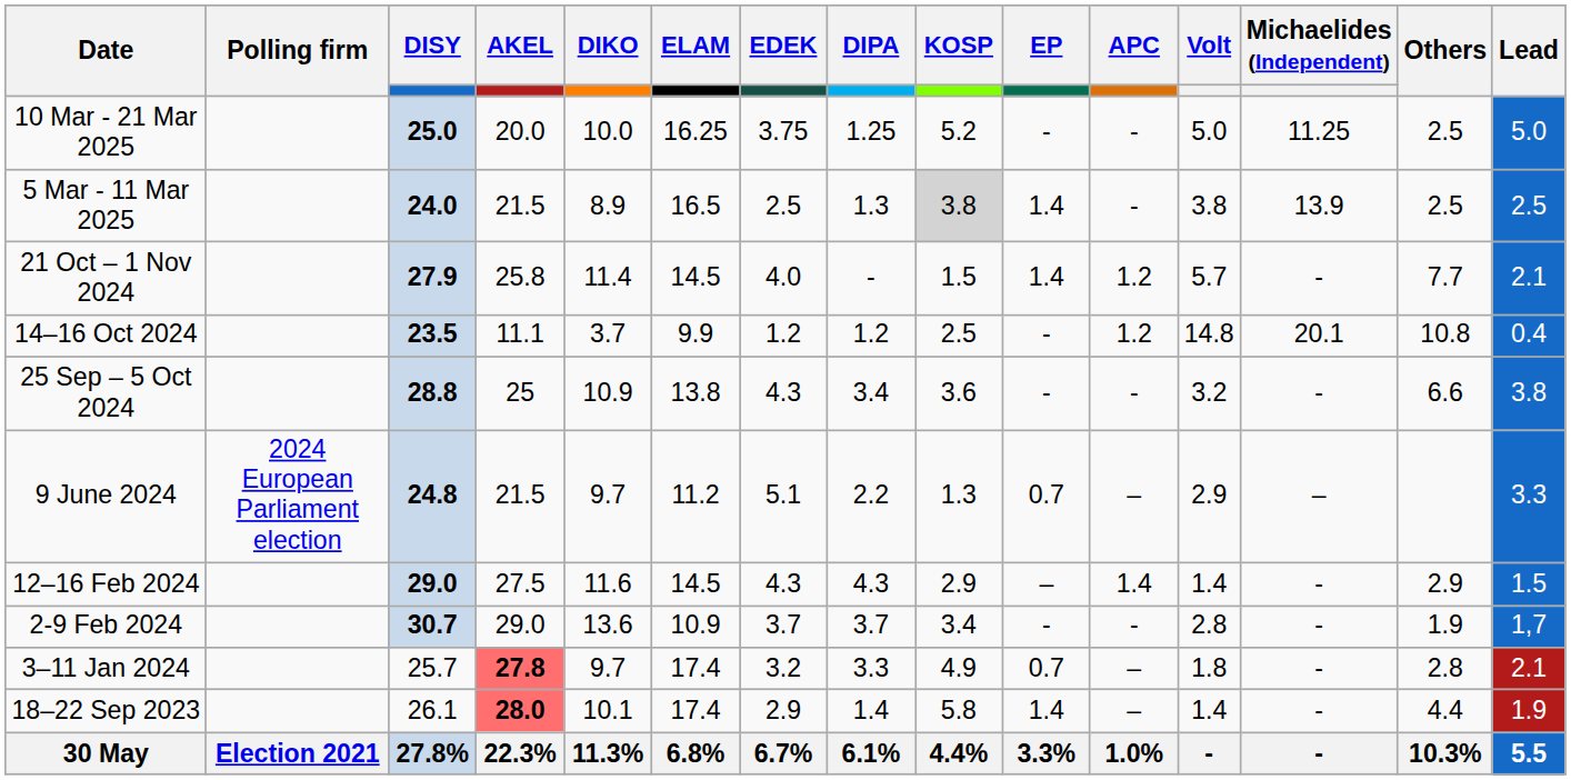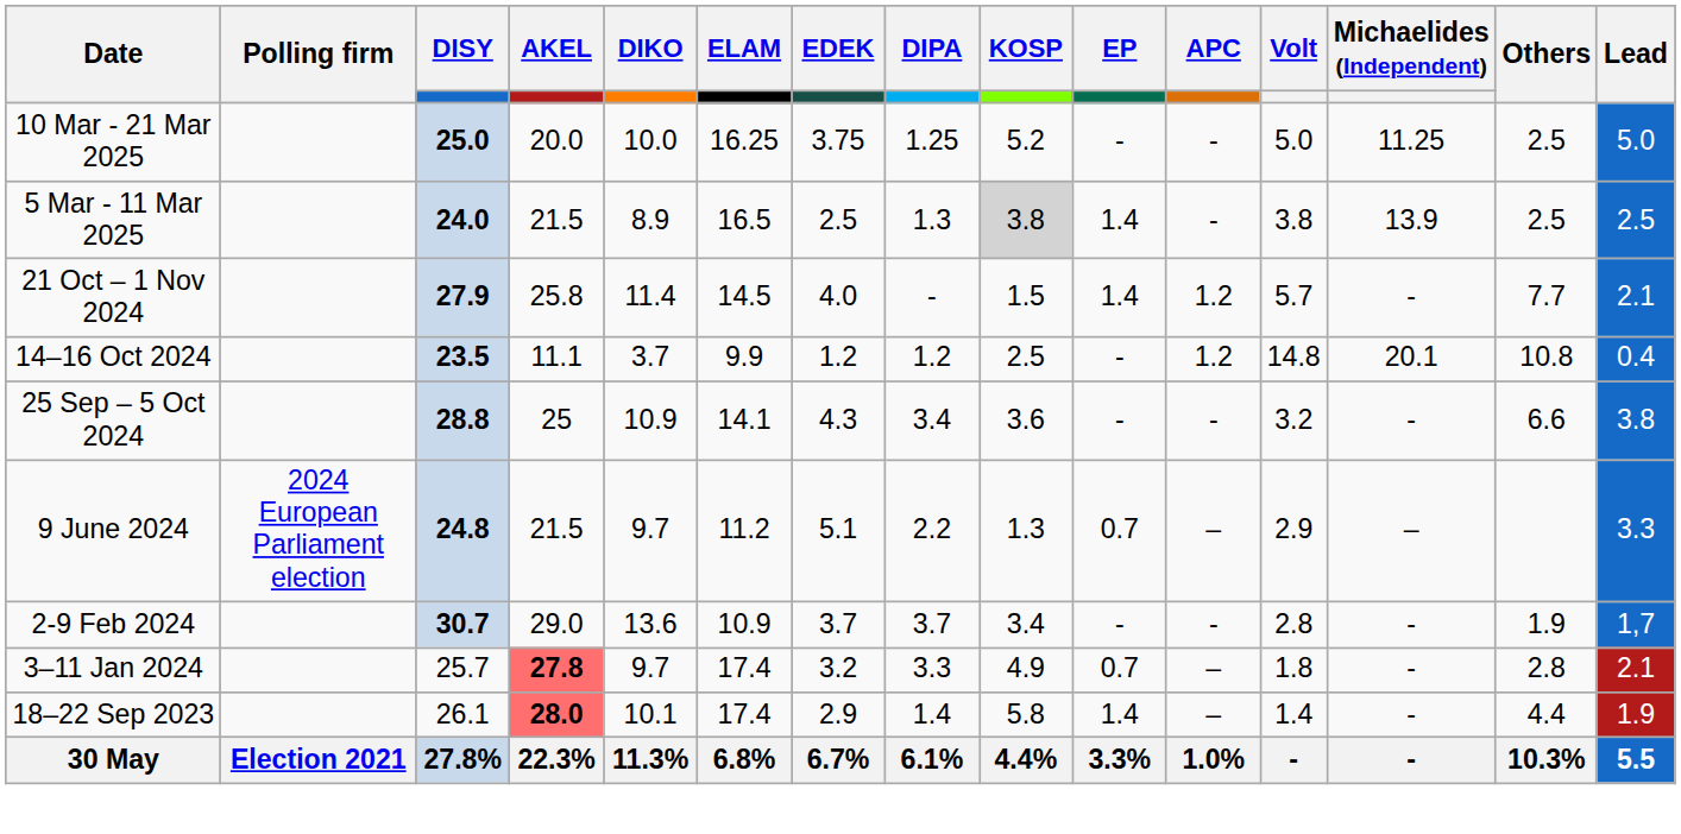 <table class="wikitable" style="text-align:center; font-size:85%; line-height:16px; margin-bottom:0">
 <tr style="height:42px; background:#e9e9e9;">
 <th style="width:100px;" rowspan="2">Date</th>
 <th style="width:90px;" rowspan="2">Polling firm</th>
 <th style="font-size:95%"><a href='#'>DISY</a></th>
 <th style="font-size:95%"><a href='#'>AKEL</a></th>
 <th style="font-size:95%"><a href='#'>DIKO</a></th>
 <th style="font-size:95%"><a href='#'>ELAM</a></th>
 <th style="font-size:95%"><a href='#'>EDEK</a></th>
 <th style="font-size:95%"><a href='#'>DIPA</a></th>
 <th style="font-size:95%"><a href='#'>KOSP</a></th>
 <th style="font-size:95%"><a href='#'>EP</a></th>
 <th style="font-size:95%"><a href='#'>APC</a></th>
 <th style="font-size:95%"><a href='#'>Volt</a></th>
 <th>Michaelides<br><small>(<a href='#'>Independent</a>)</small></th>
 <th rowspan="2" style="width:40px;">Others</th>
 <th style="width:30px;" rowspan="2">Lead</th>
 </tr>
 <tr>
 <th style="background:#1569C7; width:40px;"></th>
 <th style="background:#B31B1B; width:40px;"></th>
 <th style="background:#FF7E00; width:40px;"></th>
 <th style="background:#000000; width:40px;"></th>
 <th style="background:#164F46; width:40px;"></th>
 <th style="background:#00AEEF; width:40px;"></th>
 <th style="background:#7FFF00; width:40px;"></th>
 <th style="background:#056E50; width:40px;"></th>
 <th style="background:#db7008; width:40px;"></th>
 <th style="background:"></th>
 <th style="background:"></th>
 </tr>
 <tr>
 <td>10 Mar - 21 Mar 2025</td>
 <td></td>
 <td style="background:#C8D9EC"><strong>25.0</strong></td>
 <td>20.0</td>
 <td>10.0</td>
 <td>16.25</td>
 <td>3.75</td>
 <td>1.25</td>
 <td>5.2</td>
 <td>-</td>
 <td>-</td>
 <td>5.0</td>
 <td>11.25</td>
 <td>2.5</td>
 <td style="background:#1569C7; color:white;">5.0</td>
 </tr>
 <tr>
 <td>5 Mar - 11 Mar 2025</td>
 <td></td>
 <td style="background:#C8D9EC"><strong>24.0</strong></td>
 <td>21.5</td>
 <td>8.9</td>
 <td>16.5</td>
 <td>2.5</td>
 <td>1.3</td>
 <td style="background: lightgrey;">3.8</td>
 <td>1.4</td>
 <td>-</td>
 <td>3.8</td>
 <td>13.9</td>
 <td>2.5</td>
 <td style="background:#1569C7; color:white;">2.5</td>
 </tr>
 <tr>
 <td>21 Oct – 1 Nov 2024</td>
 <td></td>
 <td style="background:#C8D9EC"><strong>27.9</strong></td>
 <td>25.8</td>
 <td>11.4</td>
 <td>14.5</td>
 <td>4.0</td>
 <td>-</td>
 <td>1.5</td>
 <td>1.4</td>
 <td>1.2</td>
 <td>5.7</td>
 <td>-</td>
 <td>7.7</td>
 <td style="background:#1569C7; color:white;">2.1</td>
 </tr>
 <tr>
 <td>14–16 Oct 2024</td>
 <td></td>
 <td style="background:#C8D9EC"><strong>23.5</strong></td>
 <td>11.1</td>
 <td>3.7</td>
 <td>9.9</td>
 <td>1.2</td>
 <td>1.2</td>
 <td>2.5</td>
 <td>-</td>
 <td>1.2</td>
 <td>14.8</td>
 <td>20.1</td>
 <td>10.8</td>
 <td style="background:#1569C7; color:white;">0.4</td>
 </tr>
 <tr>
 <td>25 Sep – 5 Oct 2024</td>
 <td></td>
 <td style="background:#C8D9EC"><strong>28.8</strong></td>
 <td>25</td>
 <td>10.9</td>
-<td>13.8</td>
+<td>14.1</td>
 <td>4.3</td>
 <td>3.4</td>
 <td>3.6</td>
 <td>-</td>
 <td>-</td>
 <td>3.2</td>
 <td>-</td>
 <td>6.6</td>
 <td style="background:#1569C7; color:white;">3.8</td>
 </tr>
 <tr>
 <td>9 June 2024</td>
 <td><a href='#'>2024 European Parliament election</a></td>
 <td style="background:#C8D9EC"><strong>24.8</strong></td>
 <td>21.5</td>
 <td>9.7</td>
 <td>11.2</td>
 <td>5.1</td>
 <td>2.2</td>
 <td>1.3</td>
 <td>0.7</td>
 <td>–</td>
 <td>2.9</td>
 <td>–</td>
 <td></td>
 <td style="background:#1569C7; color:white;">3.3</td>
-</tr>
-<tr>
-<td>12–16 Feb 2024</td>
-<td></td>
-<td style="background:#C8D9EC"><strong>29.0</strong></td>
-<td>27.5</td>
-<td>11.6</td>
-<td>14.5</td>
-<td>4.3</td>
-<td>4.3</td>
-<td>2.9</td>
-<td>–</td>
-<td>1.4</td>
-<td>1.4</td>
-<td>-</td>
-<td>2.9</td>
-<td style="background:#1569C7; color:white;">1.5</td>
 </tr>
 <tr>
 <td>2-9 Feb 2024</td>
 <td></td>
 <td style="background:#C8D9EC"><strong>30.7</strong></td>
 <td>29.0</td>
 <td>13.6</td>
 <td>10.9</td>
 <td>3.7</td>
 <td>3.7</td>
 <td>3.4</td>
 <td>-</td>
 <td>-</td>
 <td>2.8</td>
 <td>-</td>
 <td>1.9</td>
 <td style="background:#1569C7; color:white;">1,7</td>
 </tr>
 <tr>
 <td>3–11 Jan 2024</td>
 <td></td>
 <td>25.7</td>
 <td style="background:#ff6f6f"><strong>27.8</strong></td>
 <td>9.7</td>
 <td>17.4</td>
 <td>3.2</td>
 <td>3.3</td>
 <td>4.9</td>
 <td>0.7</td>
 <td>–</td>
 <td>1.8</td>
 <td>-</td>
 <td>2.8</td>
 <td style="background:#B31B1B; color:white;">2.1</td>
 </tr>
 <tr>
 <td>18–22 Sep 2023</td>
 <td></td>
 <td>26.1</td>
 <td style="background:#ff6f6f"><strong>28.0</strong></td>
 <td>10.1</td>
 <td>17.4</td>
 <td>2.9</td>
 <td>1.4</td>
 <td>5.8</td>
 <td>1.4</td>
 <td>–</td>
 <td>1.4</td>
 <td>-</td>
 <td>4.4</td>
 <td style="background:#B31B1B; color:white;">1.9</td>
 </tr>
 <tr>
 <th>30 May</th>
 <th><a href='#'>Election 2021</a></th>
 <td style="background:#C8D9EC"><strong>27.8%</strong></td>
 <th>22.3%</th>
 <th>11.3%</th>
 <th>6.8%</th>
 <th>6.7%</th>
 <th>6.1%</th>
 <th>4.4%</th>
 <th>3.3%</th>
 <th>1.0%</th>
 <th>-</th>
 <th>-</th>
 <th>10.3%</th>
 <th style="background:#1569C7; color:white;">5.5</th>
 </tr>
 </table>
